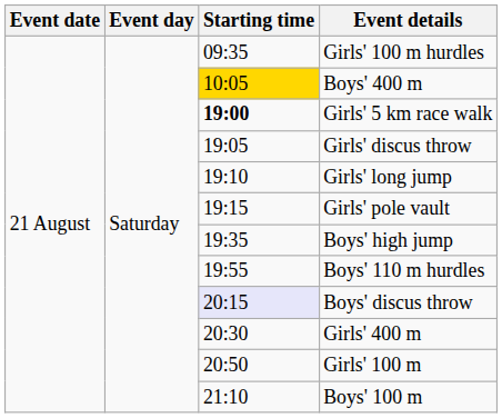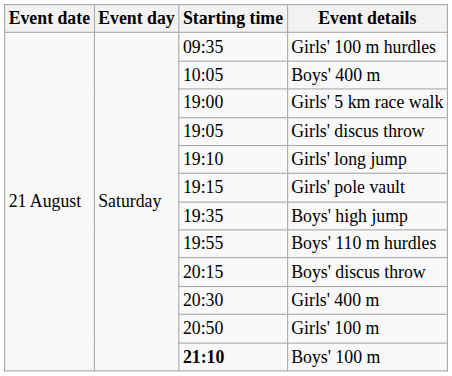 <table class="wikitable">
 <tr>
 <th>Event date</th>
 <th>Event day</th>
 <th>Starting time</th>
 <th>Event details</th>
 </tr>
 <tr>
 <td rowspan=12>21 August</td>
 <td rowspan=12>Saturday</td>
 <td>09:35</td>
 <td>Girls' 100 m hurdles</td>
 </tr>
 <tr>
-<td style="background: gold;">10:05</td>
+<td>10:05</td>
 <td>Boys' 400 m</td>
 </tr>
 <tr>
-<td><strong>19:00</strong></td>
+<td>19:00</td>
 <td>Girls' 5 km race walk</td>
 </tr>
 <tr>
 <td>19:05</td>
 <td>Girls' discus throw</td>
 </tr>
 <tr>
 <td>19:10</td>
 <td>Girls' long jump</td>
 </tr>
 <tr>
 <td>19:15</td>
 <td>Girls' pole vault</td>
 </tr>
 <tr>
 <td>19:35</td>
 <td>Boys' high jump</td>
 </tr>
 <tr>
 <td>19:55</td>
 <td>Boys' 110 m hurdles</td>
 </tr>
 <tr>
-<td style="background: lavender;">20:15</td>
+<td>20:15</td>
 <td>Boys' discus throw</td>
 </tr>
 <tr>
 <td>20:30</td>
 <td>Girls' 400 m</td>
 </tr>
 <tr>
 <td>20:50</td>
 <td>Girls' 100 m</td>
 </tr>
 <tr>
-<td>21:10</td>
+<td><strong>21:10</strong></td>
 <td>Boys' 100 m</td>
 </tr>
 </table>
